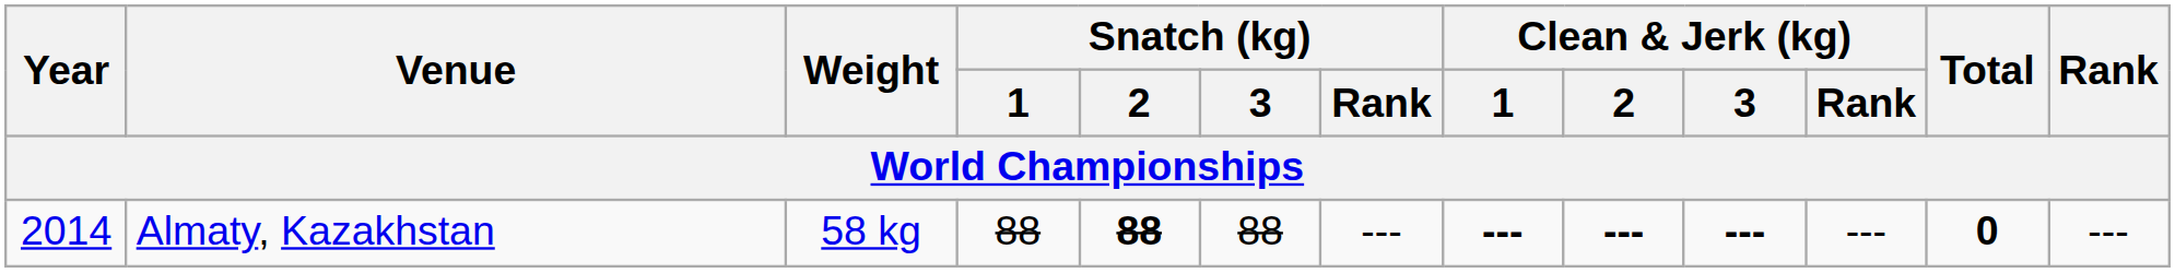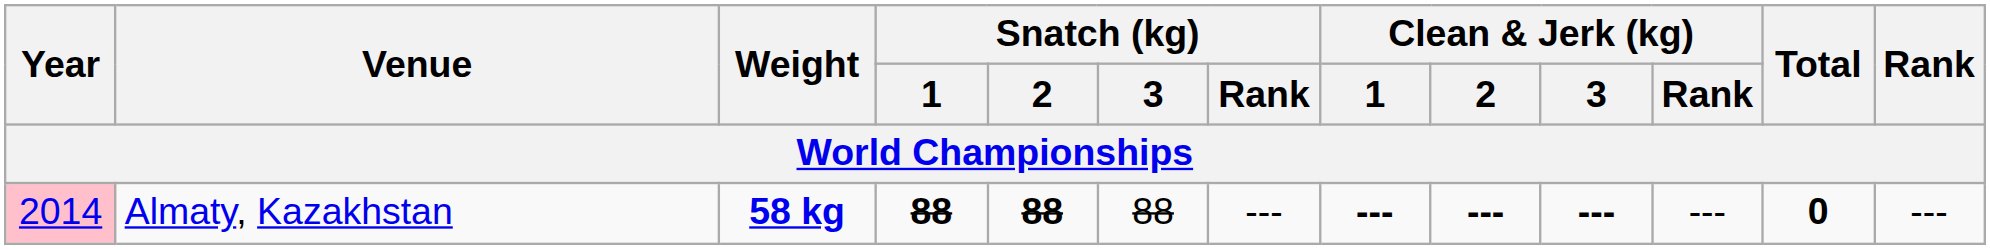 <table class = "wikitable" style="text-align:center;">
 <tr>
 <th rowspan="2" style="width:40px;">Year</th>
 <th rowspan="2" style="width:250px;">Venue</th>
 <th rowspan="2" style="width:60px;">Weight</th>
 <th colspan=4>Snatch (kg)</th>
 <th colspan=4>Clean & Jerk (kg)</th>
 <th rowspan="2" style="width:40px;">Total</th>
 <th rowspan="2" style="width:40px;">Rank</th>
 </tr>
 <tr>
 <th width=40>1</th>
 <th width=40>2</th>
 <th width=40>3</th>
 <th width=40>Rank</th>
 <th width=40>1</th>
 <th width=40>2</th>
 <th width=40>3</th>
 <th width=40>Rank</th>
 </tr>
 <tr>
 <th colspan=13><a href='#'>World Championships</a></th>
 </tr>
 <tr>
-<td><a href='#'>2014</a></td>
+<td style="background: pink;"><a href='#'>2014</a></td>
 <td align=left> <a href='#'>Almaty</a>, <a href='#'>Kazakhstan</a></td>
-<td><a href='#'>58 kg</a></td>
-<td><s> 88</s></td>
+<td><strong><a href='#'>58 kg</a></strong></td>
+<td><strong><s> 88</s></strong></td>
 <td><strong><s> 88</s></strong></td>
 <td><s> 88</s></td>
 <td>---</td>
 <td><strong>---</strong></td>
 <td><strong>---</strong></td>
 <td><strong>---</strong></td>
 <td>---</td>
 <td><strong>0</strong></td>
 <td>---</td>
 </tr>
 </table>
